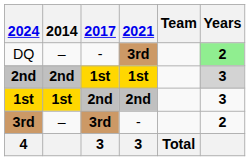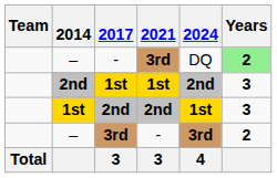 <table class="wikitable " style="text-align:center">
 <tr>
-<th><br><a href='#'>2024</a></th>
+<th>Team</th>
 <th><br>2014</th>
 <th><br><a href='#'>2017</a></th>
 <th><br><a href='#'>2021</a></th>
-<th>Team</th>
+<th><br><a href='#'>2024</a></th>
 <th>Years</th>
 </tr>
 <tr>
-<td>DQ</td>
+<td align=left></td>
 <td>–</td>
 <td>-</td>
 <td bgcolor="cc9966"><strong>3rd</strong></td>
-<td align=left></td>
+<td>DQ</td>
 <td style="background: lightgreen;"><strong>2</strong></td>
 </tr>
 <tr>
-<td bgcolor=silver><strong>2nd</strong></td>
+<td align=left></td>
 <td bgcolor="silver"><strong>2nd</strong></td>
 <td bgcolor="gold"><strong>1st</strong></td>
 <td bgcolor=gold><strong>1st</strong></td>
-<td align=left></td>
-<td style="background: lightgrey;"><strong>3</strong></td>
+<td bgcolor=silver><strong>2nd</strong></td>
+<td><strong>3</strong></td>
 </tr>
 <tr>
-<td bgcolor=gold><strong>1st</strong></td>
+<td align=left></td>
 <td bgcolor="gold"><strong>1st</strong></td>
 <td bgcolor="silver"><strong>2nd</strong></td>
 <td bgcolor=silver><strong>2nd</strong></td>
-<td align=left></td>
+<td bgcolor=gold><strong>1st</strong></td>
 <td><strong>3</strong></td>
 </tr>
 <tr>
-<td bgcolor=cc9966><strong>3rd</strong></td>
+<td align=left></td>
 <td>–</td>
 <td bgcolor="cc9966"><strong>3rd</strong></td>
 <td>-</td>
-<td align=left></td>
+<td bgcolor=cc9966><strong>3rd</strong></td>
 <td><strong>2</strong></td>
 </tr>
 <tr>
-<th>4</th>
+<th>Total</th>
 <th></th>
 <th>3</th>
 <th>3</th>
-<th>Total</th>
+<th>4</th>
 <th></th>
 </tr>
 </table>
